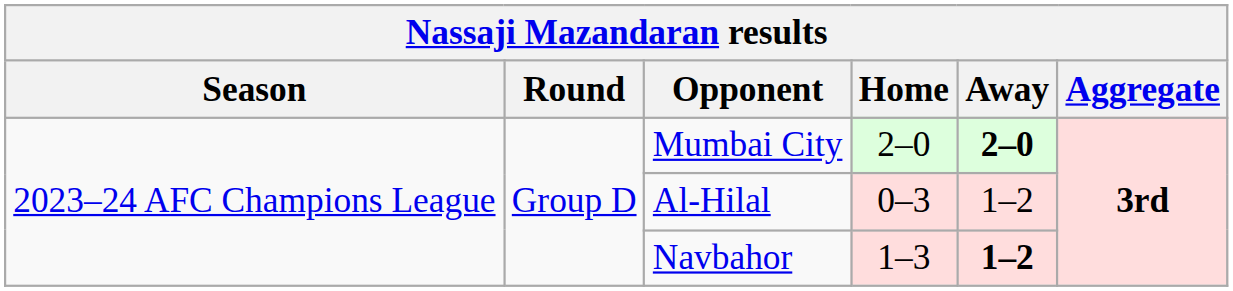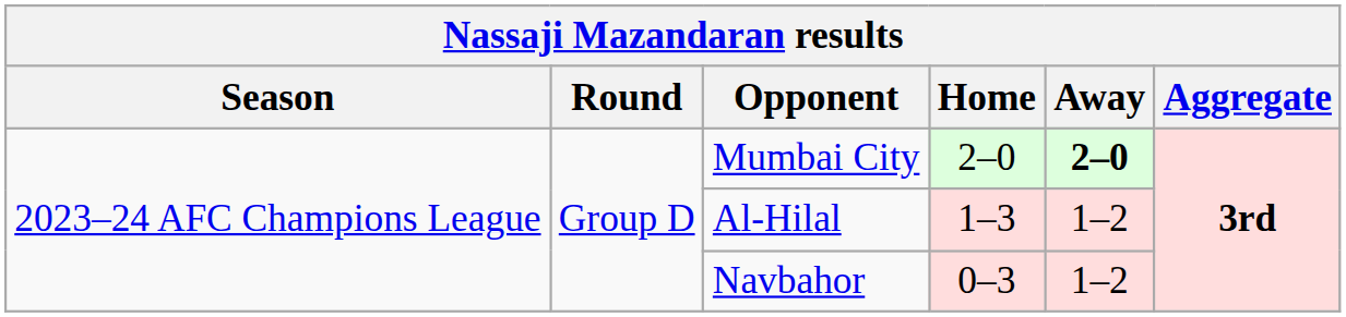 <table class="wikitable">
 <tr>
 <th colspan="6"><a href='#'>Nassaji Mazandaran</a> results</th>
 </tr>
 <tr>
 <th>Season</th>
 <th>Round</th>
 <th>Opponent</th>
 <th>Home</th>
 <th>Away</th>
 <th><a href='#'>Aggregate</a></th>
 </tr>
 <tr>
 <td rowspan="3"><a href='#'>2023–24 AFC Champions League</a></td>
 <td rowspan="3"><a href='#'>Group D</a></td>
 <td> <a href='#'>Mumbai City</a></td>
 <td bgcolor="#ddffdd" style="text-align:center;">2–0</td>
 <td bgcolor="#ddffdd" style="text-align:center;"><strong>2–0</strong></td>
 <td rowspan="3" bgcolor="#ffdddd" style="text-align:center;"><strong>3rd</strong></td>
 </tr>
 <tr>
 <td> <a href='#'>Al-Hilal</a></td>
-<td bgcolor="#ffdddd" style="text-align:center;">0–3</td>
+<td bgcolor="#ffdddd" style="text-align:center;">1–3</td>
 <td bgcolor="#ffdddd" style="text-align:center;">1–2</td>
 </tr>
 <tr>
 <td> <a href='#'>Navbahor</a></td>
-<td bgcolor="#ffdddd" style="text-align:center;">1–3</td>
-<td bgcolor="#ffdddd" style="text-align:center;"><strong>1–2</strong></td>
+<td bgcolor="#ffdddd" style="text-align:center;">0–3</td>
+<td bgcolor="#ffdddd" style="text-align:center;">1–2</td>
 </tr>
 </table>
